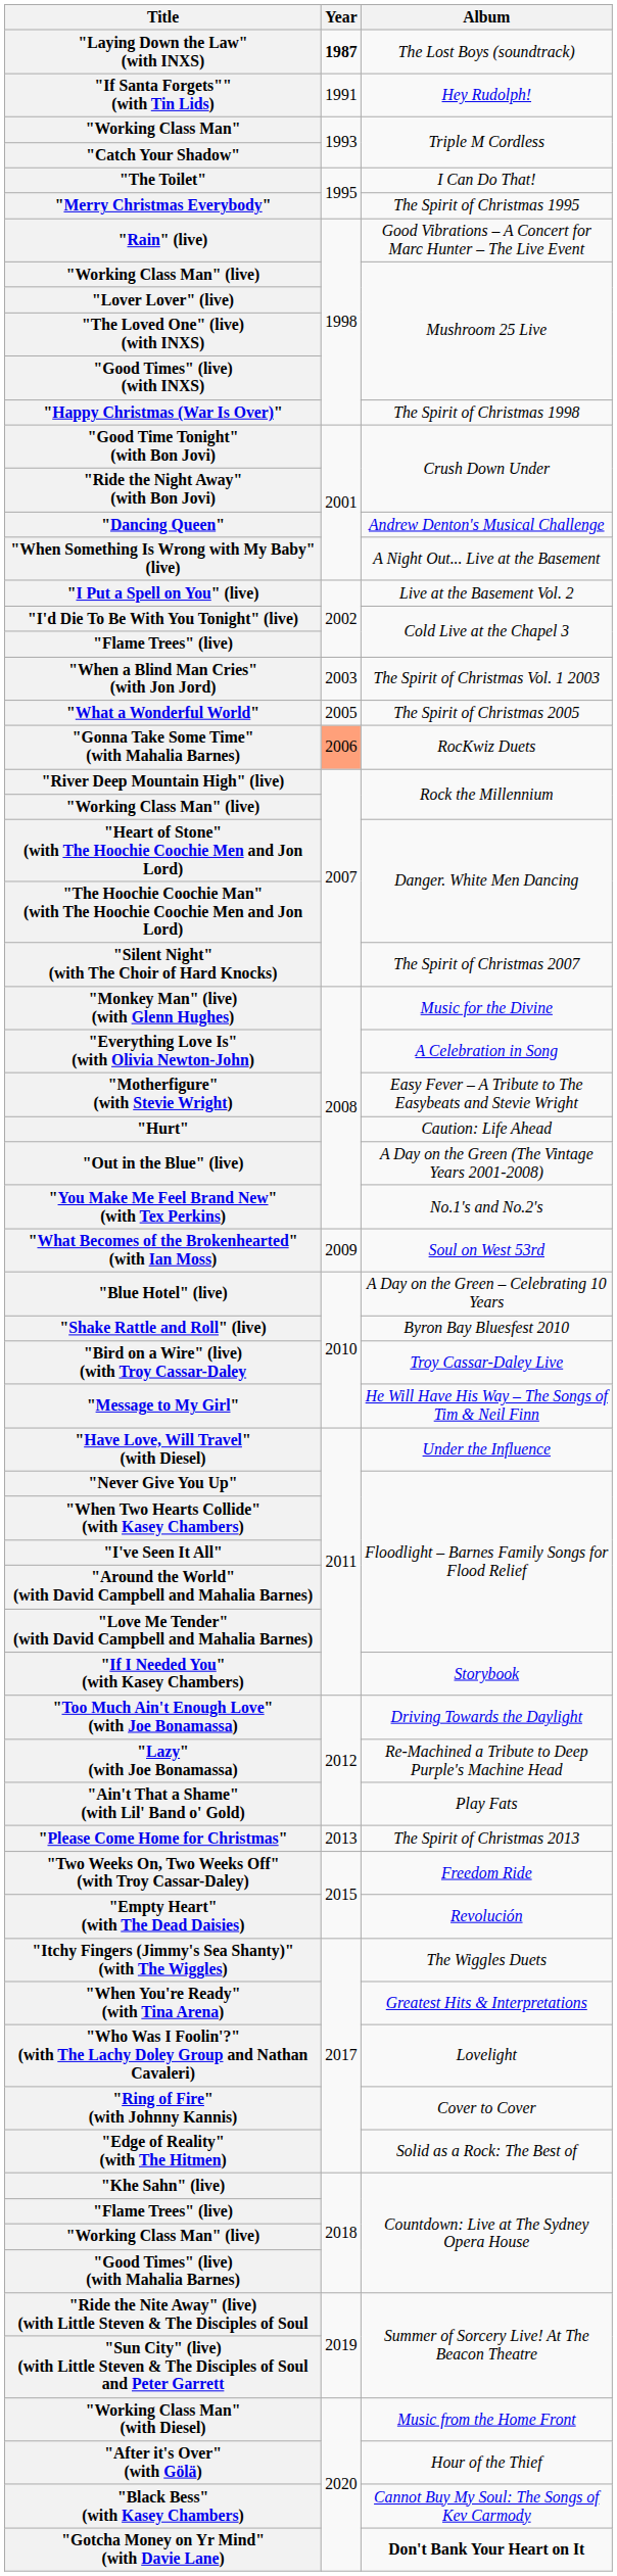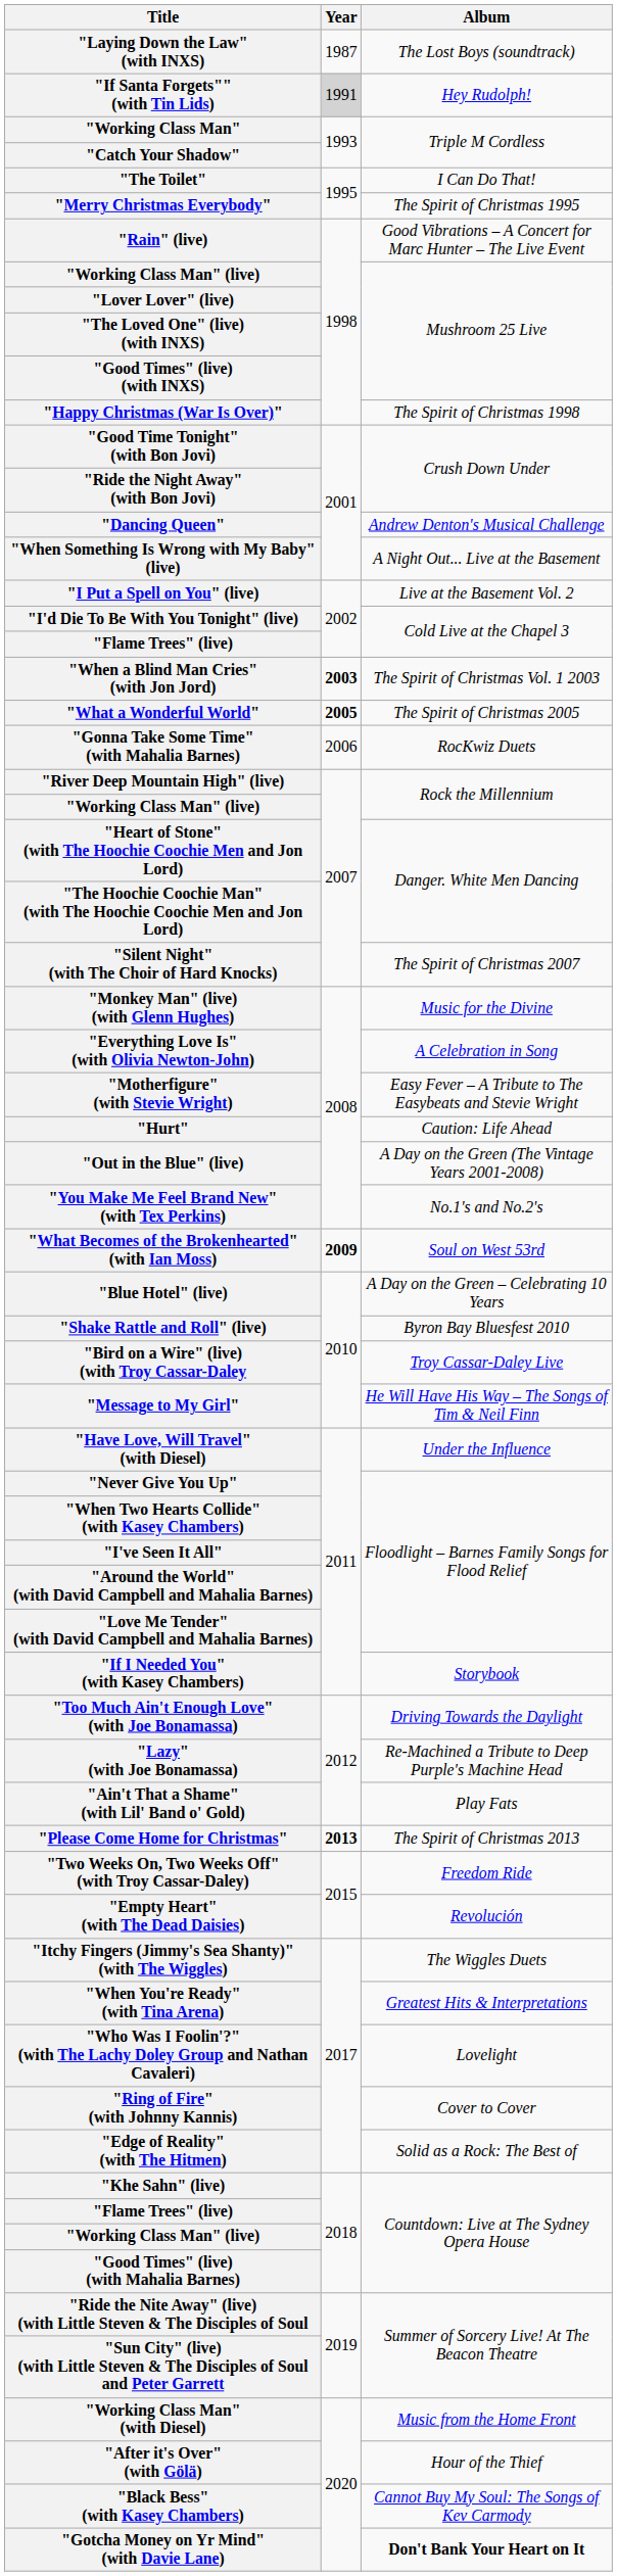 <table class="wikitable plainrowheaders" style="text-align:center;" border="1">
 <tr>
 <th scope="col" style="width:23em;">Title</th>
 <th scope="col" style="width:1em;">Year</th>
 <th scope="col" style="width:18em;">Album</th>
 </tr>
 <tr>
 <th scope="row">"Laying Down the Law" <br> (with INXS)</th>
-<td><strong>1987</strong></td>
+<td>1987</td>
 <td><em>The Lost Boys (soundtrack)</em></td>
 </tr>
 <tr>
 <th scope="row">"If Santa Forgets"" <br> (with <a href='#'>Tin Lids</a>)</th>
-<td>1991</td>
+<td style="background: lightgrey;">1991</td>
 <td><em><a href='#'>Hey Rudolph!</a></em></td>
 </tr>
 <tr>
 <th scope="row">"Working Class Man"</th>
 <td rowspan="2">1993</td>
 <td rowspan="2"><em>Triple M Cordless</em></td>
 </tr>
 <tr>
 <th scope="row">"Catch Your Shadow"</th>
 </tr>
 <tr>
 <th scope="row">"The Toilet"</th>
 <td rowspan="2">1995</td>
 <td><em>I Can Do That!</em></td>
 </tr>
 <tr>
 <th scope="row">"<a href='#'>Merry Christmas Everybody</a>"</th>
 <td><em>The Spirit of Christmas 1995</em></td>
 </tr>
 <tr>
 <th scope="row">"<a href='#'>Rain</a>" (live)</th>
 <td rowspan="6">1998</td>
 <td><em>Good Vibrations – A Concert for Marc Hunter – The Live Event</em></td>
 </tr>
 <tr>
 <th scope="row">"Working Class Man" (live)</th>
 <td rowspan="4"><em>Mushroom 25 Live</em></td>
 </tr>
 <tr>
 <th scope="row">"Lover Lover" (live)</th>
 </tr>
 <tr>
 <th scope="row">"The Loved One" (live) <br> (with INXS)</th>
 </tr>
 <tr>
 <th scope="row">"Good Times" (live) <br> (with INXS)</th>
 </tr>
 <tr>
 <th scope="row">"<a href='#'>Happy Christmas (War Is Over)</a>"</th>
 <td><em>The Spirit of Christmas 1998</em></td>
 </tr>
 <tr>
 <th scope="row">"Good Time Tonight"  <br> (with Bon Jovi)</th>
 <td rowspan="4">2001</td>
 <td rowspan="2"><em>Crush Down Under</em></td>
 </tr>
 <tr>
 <th scope="row">"Ride the Night Away"  <br> (with Bon Jovi)</th>
 </tr>
 <tr>
 <th scope="row">"<a href='#'>Dancing Queen</a>"</th>
 <td><em><a href='#'>Andrew Denton's Musical Challenge</a></em></td>
 </tr>
 <tr>
 <th scope="row">"When Something Is Wrong with My Baby" (live)</th>
 <td><em>A Night Out... Live at the Basement</em></td>
 </tr>
 <tr>
 <th scope="row">"<a href='#'>I Put a Spell on You</a>" (live)</th>
 <td rowspan="3">2002</td>
 <td><em>Live at the Basement Vol. 2</em></td>
 </tr>
 <tr>
 <th scope="row">"I'd Die To Be With You Tonight" (live)</th>
 <td rowspan="2"><em>Cold Live at the Chapel 3</em></td>
 </tr>
 <tr>
 <th scope="row">"Flame Trees" (live)</th>
 </tr>
 <tr>
 <th scope="row">"When a Blind Man Cries" <br> (with Jon Jord)</th>
-<td>2003</td>
+<td><strong>2003</strong></td>
 <td><em>The Spirit of Christmas Vol. 1 2003</em></td>
 </tr>
 <tr>
 <th scope="row">"<a href='#'>What a Wonderful World</a>"</th>
-<td>2005</td>
+<td><strong>2005</strong></td>
 <td><em>The Spirit of Christmas 2005</em></td>
 </tr>
 <tr>
 <th scope="row">"Gonna Take Some Time" <br> (with Mahalia Barnes)</th>
-<td style="background: lightsalmon;">2006</td>
+<td>2006</td>
 <td><em>RocKwiz Duets</em></td>
 </tr>
 <tr>
 <th scope="row">"River Deep Mountain High" (live)</th>
 <td rowspan="5">2007</td>
 <td rowspan="2"><em>Rock the Millennium</em></td>
 </tr>
 <tr>
 <th scope="row">"Working Class Man" (live)</th>
 </tr>
 <tr>
 <th scope="row">"Heart of Stone" <br> (with <a href='#'>The Hoochie Coochie Men</a> and Jon Lord)</th>
 <td rowspan="2"><em>Danger. White Men Dancing</em></td>
 </tr>
 <tr>
 <th scope="row">"The Hoochie Coochie Man" <br> (with The Hoochie Coochie Men and Jon Lord)</th>
 </tr>
 <tr>
 <th scope="row">"Silent Night" <br> (with The Choir of Hard Knocks)</th>
 <td><em>The Spirit of Christmas 2007</em></td>
 </tr>
 <tr>
 <th scope="row">"Monkey Man" (live) <br> (with <a href='#'>Glenn Hughes</a>)</th>
 <td rowspan="6">2008</td>
 <td><em><a href='#'>Music for the Divine</a></em></td>
 </tr>
 <tr>
 <th scope="row">"Everything Love Is" <br> (with <a href='#'>Olivia Newton-John</a>)</th>
 <td><em><a href='#'>A Celebration in Song</a></em></td>
 </tr>
 <tr>
 <th scope="row">"Motherfigure" <br> (with <a href='#'>Stevie Wright</a>)</th>
 <td><em>Easy Fever – A Tribute to The Easybeats and Stevie Wright</em></td>
 </tr>
 <tr>
 <th scope="row">"Hurt"</th>
 <td><em>Caution: Life Ahead</em></td>
 </tr>
 <tr>
 <th scope="row">"Out in the Blue" (live)</th>
 <td><em>A Day on the Green (The Vintage Years 2001-2008)</em></td>
 </tr>
 <tr>
 <th scope="row">"<a href='#'>You Make Me Feel Brand New</a>" <br> (with <a href='#'>Tex Perkins</a>)</th>
 <td><em>No.1's and No.2's</em></td>
 </tr>
 <tr>
 <th scope="row">"<a href='#'>What Becomes of the Brokenhearted</a>" <br>(with <a href='#'>Ian Moss</a>)</th>
-<td>2009</td>
+<td><strong>2009</strong></td>
 <td><em><a href='#'>Soul on West 53rd</a></em></td>
 </tr>
 <tr>
 <th scope="row">"Blue Hotel" (live)</th>
 <td rowspan="4">2010</td>
 <td><em>A Day on the Green – Celebrating 10 Years</em></td>
 </tr>
 <tr>
 <th scope="row">"<a href='#'>Shake Rattle and Roll</a>" (live)</th>
 <td><em>Byron Bay Bluesfest 2010</em></td>
 </tr>
 <tr>
 <th scope="row">"Bird on a Wire" (live) <br> (with <a href='#'>Troy Cassar-Daley</a></th>
 <td><em><a href='#'>Troy Cassar-Daley Live</a></em></td>
 </tr>
 <tr>
 <th scope="row">"<a href='#'>Message to My Girl</a>"</th>
 <td><em><a href='#'>He Will Have His Way – The Songs of Tim & Neil Finn</a></em></td>
 </tr>
 <tr>
 <th scope="row">"<a href='#'>Have Love, Will Travel</a>" <br> (with Diesel)</th>
 <td rowspan="7">2011</td>
 <td><em><a href='#'>Under the Influence</a></em></td>
 </tr>
 <tr>
 <th scope="row">"Never Give You Up"</th>
 <td rowspan="5"><em>Floodlight – Barnes Family Songs for Flood Relief</em></td>
 </tr>
 <tr>
 <th scope="row">"When Two Hearts Collide" <br> (with <a href='#'>Kasey Chambers</a>)</th>
 </tr>
 <tr>
 <th scope="row">"I've Seen It All"</th>
 </tr>
 <tr>
 <th scope="row">"Around the World" <br> (with David Campbell and Mahalia Barnes)</th>
 </tr>
 <tr>
 <th scope="row">"Love Me Tender" <br> (with David Campbell and Mahalia Barnes)</th>
 </tr>
 <tr>
 <th scope="row">"<a href='#'>If I Needed You</a>" <br> (with Kasey Chambers)</th>
 <td><em><a href='#'>Storybook</a></em></td>
 </tr>
 <tr>
 <th scope="row">"<a href='#'>Too Much Ain't Enough Love</a>" <br> (with <a href='#'>Joe Bonamassa</a>)</th>
 <td rowspan="3">2012</td>
 <td><em><a href='#'>Driving Towards the Daylight</a></em></td>
 </tr>
 <tr>
 <th scope="row">"<a href='#'>Lazy</a>" <br> (with Joe Bonamassa)</th>
 <td><em>Re-Machined a Tribute to Deep Purple's Machine Head</em></td>
 </tr>
 <tr>
 <th scope="row">"Ain't That a Shame" <br> (with Lil' Band o' Gold)</th>
 <td><em>Play Fats</em></td>
 </tr>
 <tr>
 <th scope="row">"<a href='#'>Please Come Home for Christmas</a>"</th>
-<td>2013</td>
+<td><strong>2013</strong></td>
 <td><em>The Spirit of Christmas 2013</em></td>
 </tr>
 <tr>
 <th scope="row">"Two Weeks On, Two Weeks Off" <br> (with Troy Cassar-Daley)</th>
 <td rowspan="2">2015</td>
 <td><em><a href='#'>Freedom Ride</a></em></td>
 </tr>
 <tr>
 <th scope="row">"Empty Heart" <br> (with <a href='#'>The Dead Daisies</a>)</th>
 <td><em><a href='#'>Revolución</a></em></td>
 </tr>
 <tr>
 <th scope="row">"Itchy Fingers (Jimmy's Sea Shanty)" <br> (with <a href='#'>The Wiggles</a>)</th>
 <td rowspan="5">2017</td>
 <td><em>The Wiggles Duets</em></td>
 </tr>
 <tr>
 <th scope="row">"When You're Ready" <br> (with <a href='#'>Tina Arena</a>)</th>
 <td><em><a href='#'>Greatest Hits & Interpretations</a></em></td>
 </tr>
 <tr>
 <th scope="row">"Who Was I Foolin'?" <br> (with <a href='#'>The Lachy Doley Group</a> and Nathan Cavaleri)</th>
 <td><em>Lovelight</em></td>
 </tr>
 <tr>
 <th scope="row">"<a href='#'>Ring of Fire</a>" <br> (with Johnny Kannis)</th>
 <td><em>Cover to Cover</em></td>
 </tr>
 <tr>
 <th scope="row">"Edge of Reality" <br> (with <a href='#'>The Hitmen</a>)</th>
 <td><em>Solid as a Rock: The Best of</em></td>
 </tr>
 <tr>
 <th scope="row">"Khe Sahn" (live)</th>
 <td rowspan="4">2018</td>
 <td rowspan="4"><em>Countdown: Live at The Sydney Opera House</em></td>
 </tr>
 <tr>
 <th scope="row">"Flame Trees" (live)</th>
 </tr>
 <tr>
 <th scope="row">"Working Class Man" (live)</th>
 </tr>
 <tr>
 <th scope="row">"Good Times" (live) <br> (with Mahalia Barnes)</th>
 </tr>
 <tr>
 <th scope="row">"Ride the Nite Away" (live) <br> (with Little Steven & The Disciples of Soul</th>
 <td rowspan="2">2019</td>
 <td rowspan="2"><em>Summer of Sorcery Live! At The Beacon Theatre</em></td>
 </tr>
 <tr>
 <th scope="row">"Sun City" (live) <br> (with Little Steven & The Disciples of Soul and <a href='#'>Peter Garrett</a></th>
 </tr>
 <tr>
 <th scope="row">"Working Class Man" <br> (with Diesel)</th>
 <td rowspan="4">2020</td>
 <td><em><a href='#'>Music from the Home Front</a></em></td>
 </tr>
 <tr>
 <th scope="row">"After it's Over" <br> (with <a href='#'>Gölä</a>)</th>
 <td><em>Hour of the Thief</em></td>
 </tr>
 <tr>
 <th scope="row">"Black Bess" <br> (with <a href='#'>Kasey Chambers</a>)</th>
 <td><em><a href='#'>Cannot Buy My Soul: The Songs of Kev Carmody</a></em></td>
 </tr>
 <tr>
 <th scope="row">"Gotcha Money on Yr Mind" <br> (with <a href='#'>Davie Lane</a>)</th>
 <td><strong>Don't Bank Your Heart on It<em></td>
 </tr>
 </table>
